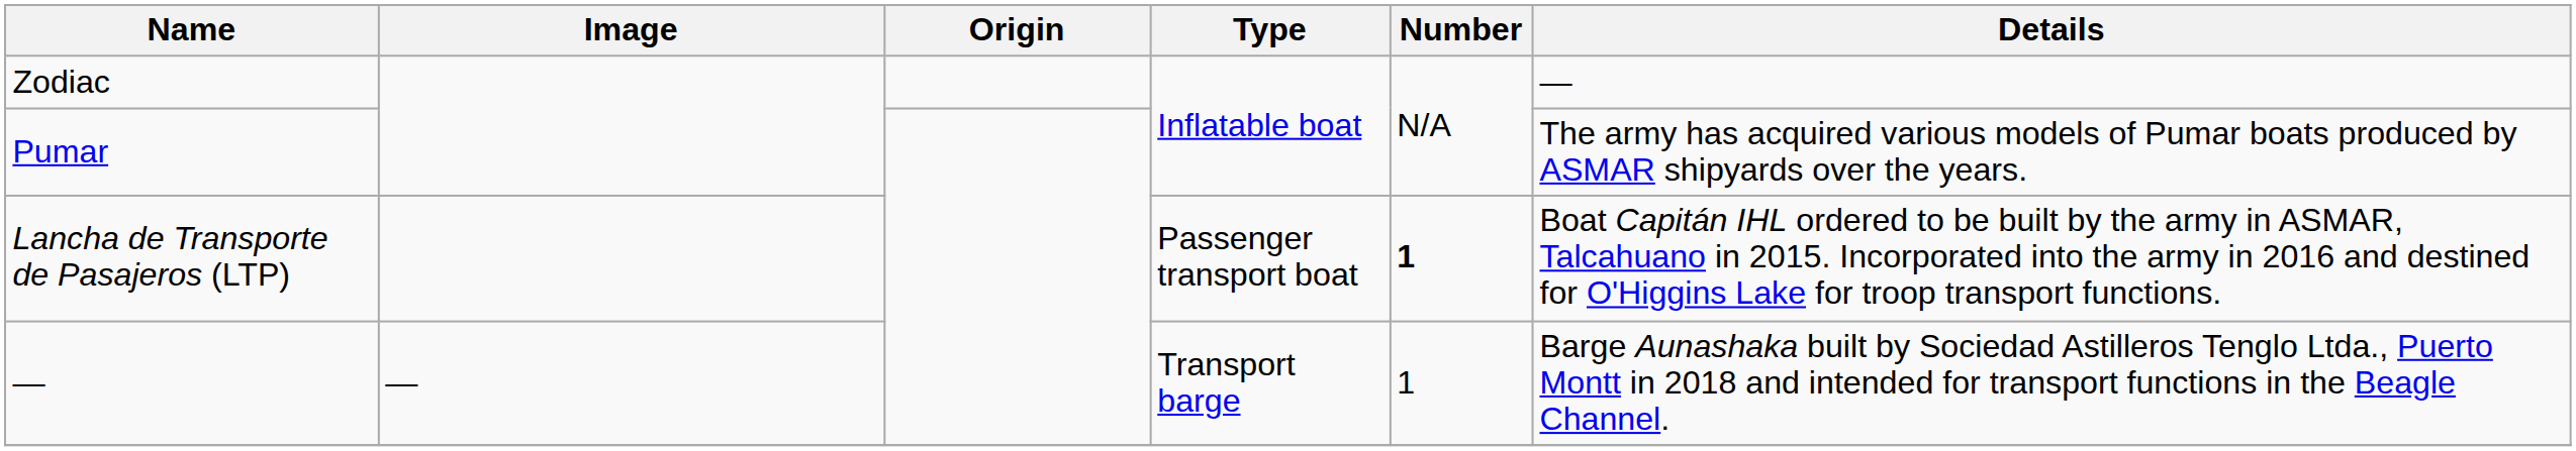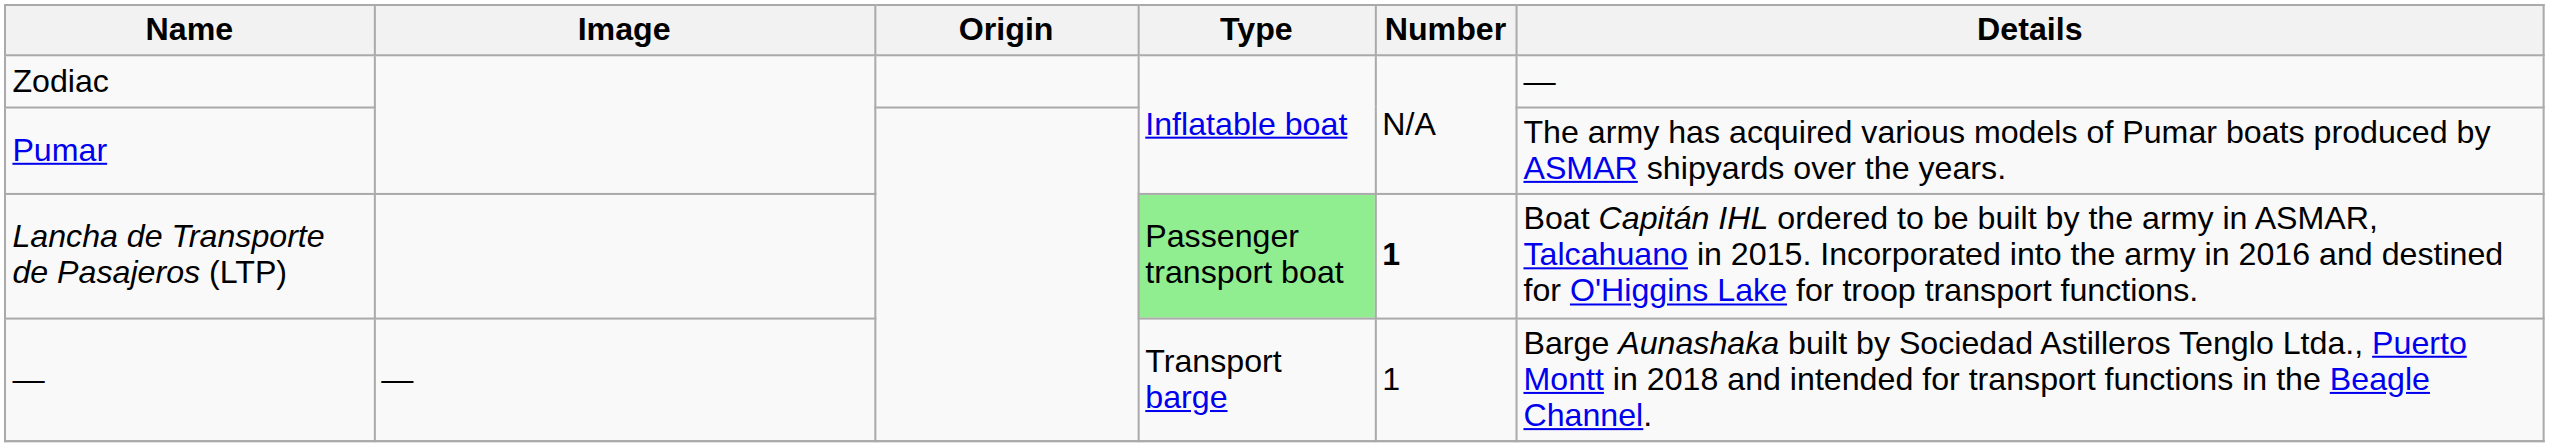 <table class="wikitable" border="0" style="width:100%">
 <tr>
 <th style="text-align: center; width:14%;">Name</th>
 <th style="text-align: center; width:19%;">Image</th>
 <th style="text-align: center; width:10%;">Origin</th>
 <th style="text-align: center; width:9%;">Type</th>
 <th style="text-align: center; width:5%;">Number</th>
 <th style="text-align: center; width:39%;">Details</th>
 </tr>
 <tr>
 <td>Zodiac</td>
 <td rowspan="2"></td>
 <td></td>
 <td rowspan="2"><a href='#'>Inflatable boat</a></td>
 <td rowspan="2">N/A</td>
 <td>—</td>
 </tr>
 <tr>
 <td><a href='#'>Pumar</a></td>
 <td rowspan="3"></td>
 <td>The army has acquired various models of Pumar boats produced by <a href='#'>ASMAR</a> shipyards over the years.</td>
 </tr>
 <tr>
 <td><em>Lancha de Transporte de Pasajeros</em> (LTP)</td>
 <td></td>
-<td>Passenger transport boat</td>
+<td style="background: lightgreen;">Passenger transport boat</td>
 <td><strong>1</strong></td>
 <td>Boat <em>Capitán IHL</em> ordered to be built by the army in ASMAR, <a href='#'>Talcahuano</a> in 2015. Incorporated into the army in 2016 and destined for <a href='#'>O'Higgins Lake</a> for troop transport functions.</td>
 </tr>
 <tr>
 <td>—</td>
 <td>—</td>
 <td>Transport <a href='#'>barge</a></td>
 <td>1</td>
 <td>Barge <em>Aunashaka</em> built by Sociedad Astilleros Tenglo Ltda., <a href='#'>Puerto Montt</a> in 2018 and intended for transport functions in the <a href='#'>Beagle Channel</a>.</td>
 </tr>
 <tr>
 </tr>
 </table>
